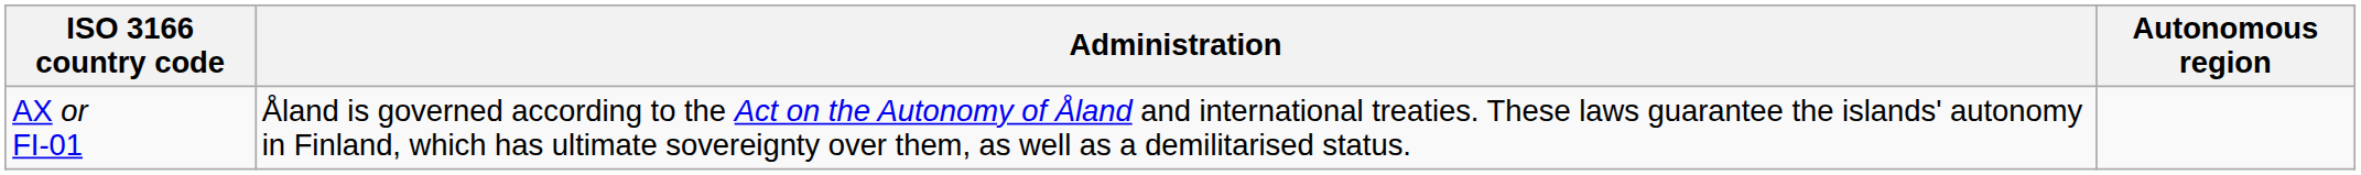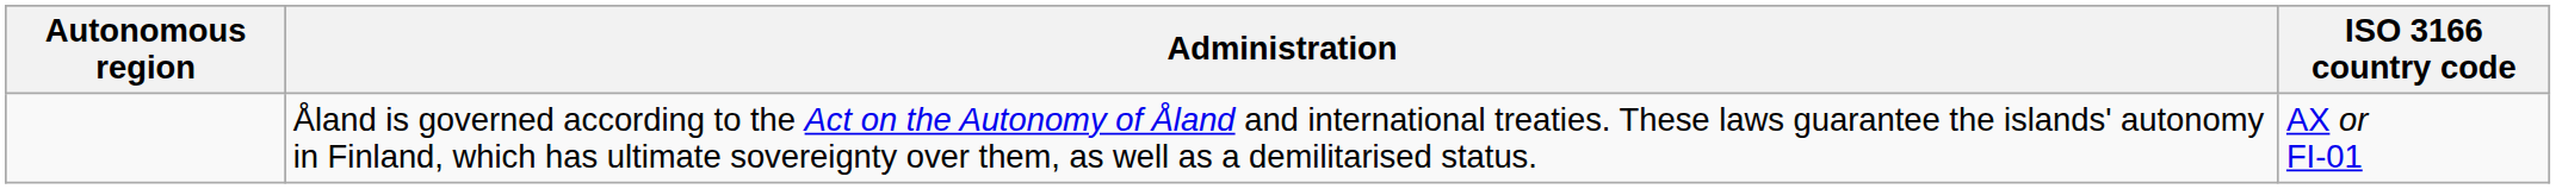 <table class="wikitable sortable">
 <tr>
+<th>Autonomous region</th>
+<th>Administration</th>
 <th>ISO 3166 country code</th>
-<th>Administration</th>
-<th>Autonomous region</th>
 </tr>
 <tr>
+<td></td>
+<td>Åland is governed according to the <em><a href='#'>Act on the Autonomy of Åland</a></em> and international treaties. These laws guarantee the islands' autonomy in Finland, which has ultimate sovereignty over them, as well as a demilitarised status.</td>
 <td><a href='#'>AX</a> <em>or</em><br><a href='#'>FI-01</a></td>
-<td>Åland is governed according to the <em><a href='#'>Act on the Autonomy of Åland</a></em> and international treaties. These laws guarantee the islands' autonomy in Finland, which has ultimate sovereignty over them, as well as a demilitarised status.</td>
-<td></td>
 </tr>
 </table>
